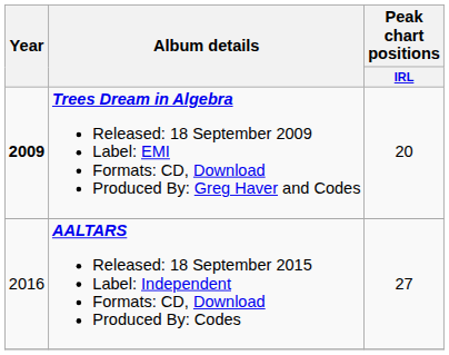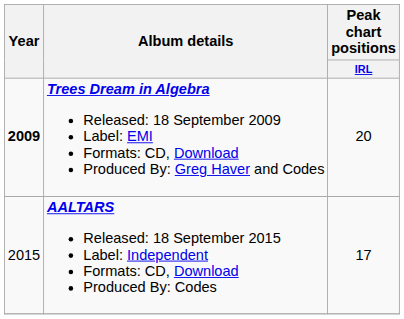 <table class="wikitable" style=text-align:center;>
 <tr>
 <th rowspan="2">Year</th>
 <th rowspan="2">Album details</th>
 <th colspan="1">Peak chart positions</th>
 </tr>
 <tr>
 <th style="width:4em;font-size:75%"><a href='#'>IRL</a><br></th>
 </tr>
 <tr>
 <td><strong>2009</strong></td>
 <td align="left"><strong><em><a href='#'>Trees Dream in Algebra</a></em></strong><br><ul><li>Released: 18 September 2009</li><li>Label: <a href='#'>EMI</a></li><li>Formats: CD, <a href='#'>Download</a></li><li>Produced By: <a href='#'>Greg Haver</a> and Codes</li></ul></td>
 <td>20</td>
 </tr>
 <tr>
 </tr>
 <tr>
-<td>2016</td>
+<td>2015</td>
 <td align="left"><strong><em><a href='#'>AALTARS</a></em></strong><br><ul><li>Released: 18 September 2015</li><li>Label: <a href='#'>Independent</a></li><li>Formats: CD, <a href='#'>Download</a></li><li>Produced By: Codes</li></ul></td>
-<td>27</td>
+<td>17</td>
 </tr>
 <tr>
 </tr>
 </table>
